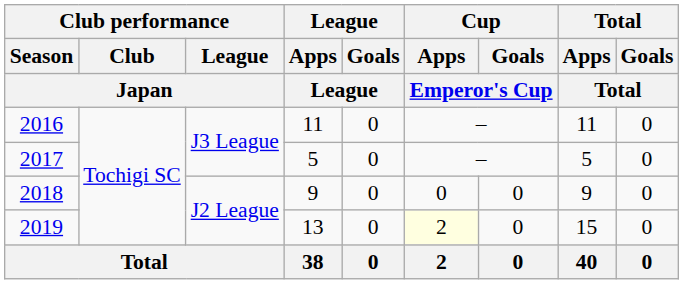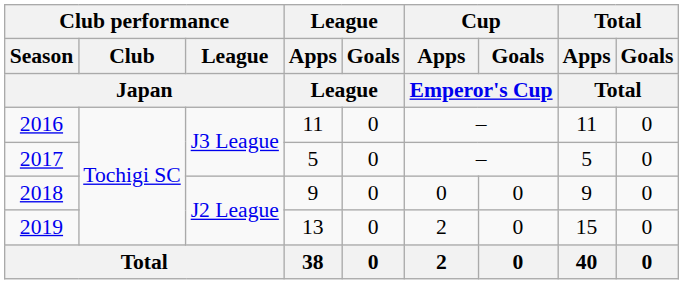 <table class="wikitable" style="text-align:center;">
 <tr>
 <th colspan=3>Club performance</th>
 <th colspan=2>League</th>
 <th colspan=2>Cup</th>
 <th colspan=2>Total</th>
 </tr>
 <tr>
 <th>Season</th>
 <th>Club</th>
 <th>League</th>
 <th>Apps</th>
 <th>Goals</th>
 <th>Apps</th>
 <th>Goals</th>
 <th>Apps</th>
 <th>Goals</th>
 </tr>
 <tr>
 <th colspan=3>Japan</th>
 <th colspan=2>League</th>
 <th colspan=2><a href='#'>Emperor's Cup</a></th>
 <th colspan=2>Total</th>
 </tr>
 <tr>
 <td><a href='#'>2016</a></td>
 <td rowspan="4"><a href='#'>Tochigi SC</a></td>
 <td rowspan="2"><a href='#'>J3 League</a></td>
 <td>11</td>
 <td>0</td>
 <td colspan="2">–</td>
 <td>11</td>
 <td>0</td>
 </tr>
 <tr>
 <td><a href='#'>2017</a></td>
 <td>5</td>
 <td>0</td>
 <td colspan="2">–</td>
 <td>5</td>
 <td>0</td>
 </tr>
 <tr>
 <td><a href='#'>2018</a></td>
 <td rowspan="2"><a href='#'>J2 League</a></td>
 <td>9</td>
 <td>0</td>
 <td>0</td>
 <td>0</td>
 <td>9</td>
 <td>0</td>
 </tr>
 <tr>
 <td><a href='#'>2019</a></td>
 <td>13</td>
 <td>0</td>
-<td style="background: lightyellow;">2</td>
+<td>2</td>
 <td>0</td>
 <td>15</td>
 <td>0</td>
 </tr>
 <tr>
 <th colspan=3>Total</th>
 <th>38</th>
 <th>0</th>
 <th>2</th>
 <th>0</th>
 <th>40</th>
 <th>0</th>
 </tr>
 </table>
